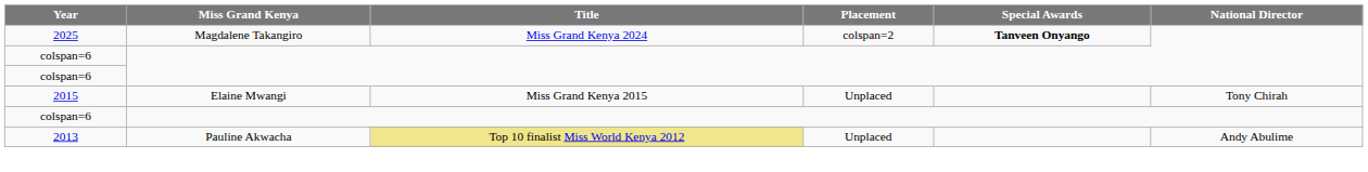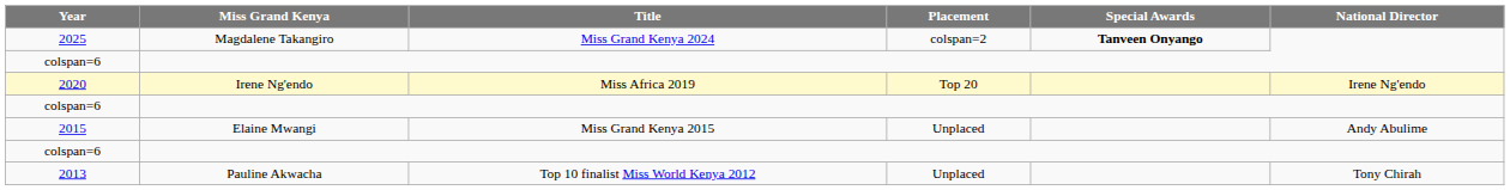 <table class="wikitable" style="font-size: 90%; text-align:center; width:100%">
 <tr>
 <th style="background-color:#787878;color:#FFFFFF;">Year</th>
 <th style="background-color:#787878;color:#FFFFFF;">Miss Grand Kenya</th>
 <th style="background-color:#787878;color:#FFFFFF;">Title</th>
 <th style="background-color:#787878;color:#FFFFFF;">Placement</th>
 <th style="background-color:#787878;color:#FFFFFF;">Special Awards</th>
 <th style="background-color:#787878;color:#FFFFFF;">National Director</th>
 </tr>
 <tr>
 <td><a href='#'>2025</a></td>
 <td>Magdalene Takangiro</td>
 <td><a href='#'>Miss Grand Kenya 2024</a></td>
 <td>colspan=2 </td>
 <td><strong>Tanveen Onyango</strong></td>
 </tr>
 <tr>
 <td>colspan=6 </td>
 </tr>
+<tr bgcolor=#FFFACD>
+<td><a href='#'>2020</a></td>
+<td>Irene Ng'endo</td>
+<td>Miss Africa 2019</td>
+<td>Top 20</td>
+<td></td>
+<td>Irene Ng'endo</td>
+</tr>
 <tr>
 <td>colspan=6 </td>
 </tr>
 <tr>
 <td><a href='#'>2015</a></td>
 <td>Elaine Mwangi</td>
 <td>Miss Grand Kenya 2015</td>
 <td>Unplaced</td>
 <td></td>
-<td>Tony Chirah</td>
+<td>Andy Abulime</td>
 </tr>
 <tr>
 <td>colspan=6 </td>
 </tr>
 <tr>
 <td><a href='#'>2013</a></td>
 <td>Pauline Akwacha</td>
-<td style="background: khaki;">Top 10 finalist <a href='#'>Miss World Kenya 2012</a></td>
+<td>Top 10 finalist <a href='#'>Miss World Kenya 2012</a></td>
 <td>Unplaced</td>
 <td></td>
-<td>Andy Abulime</td>
+<td>Tony Chirah</td>
 </tr>
 </table>
